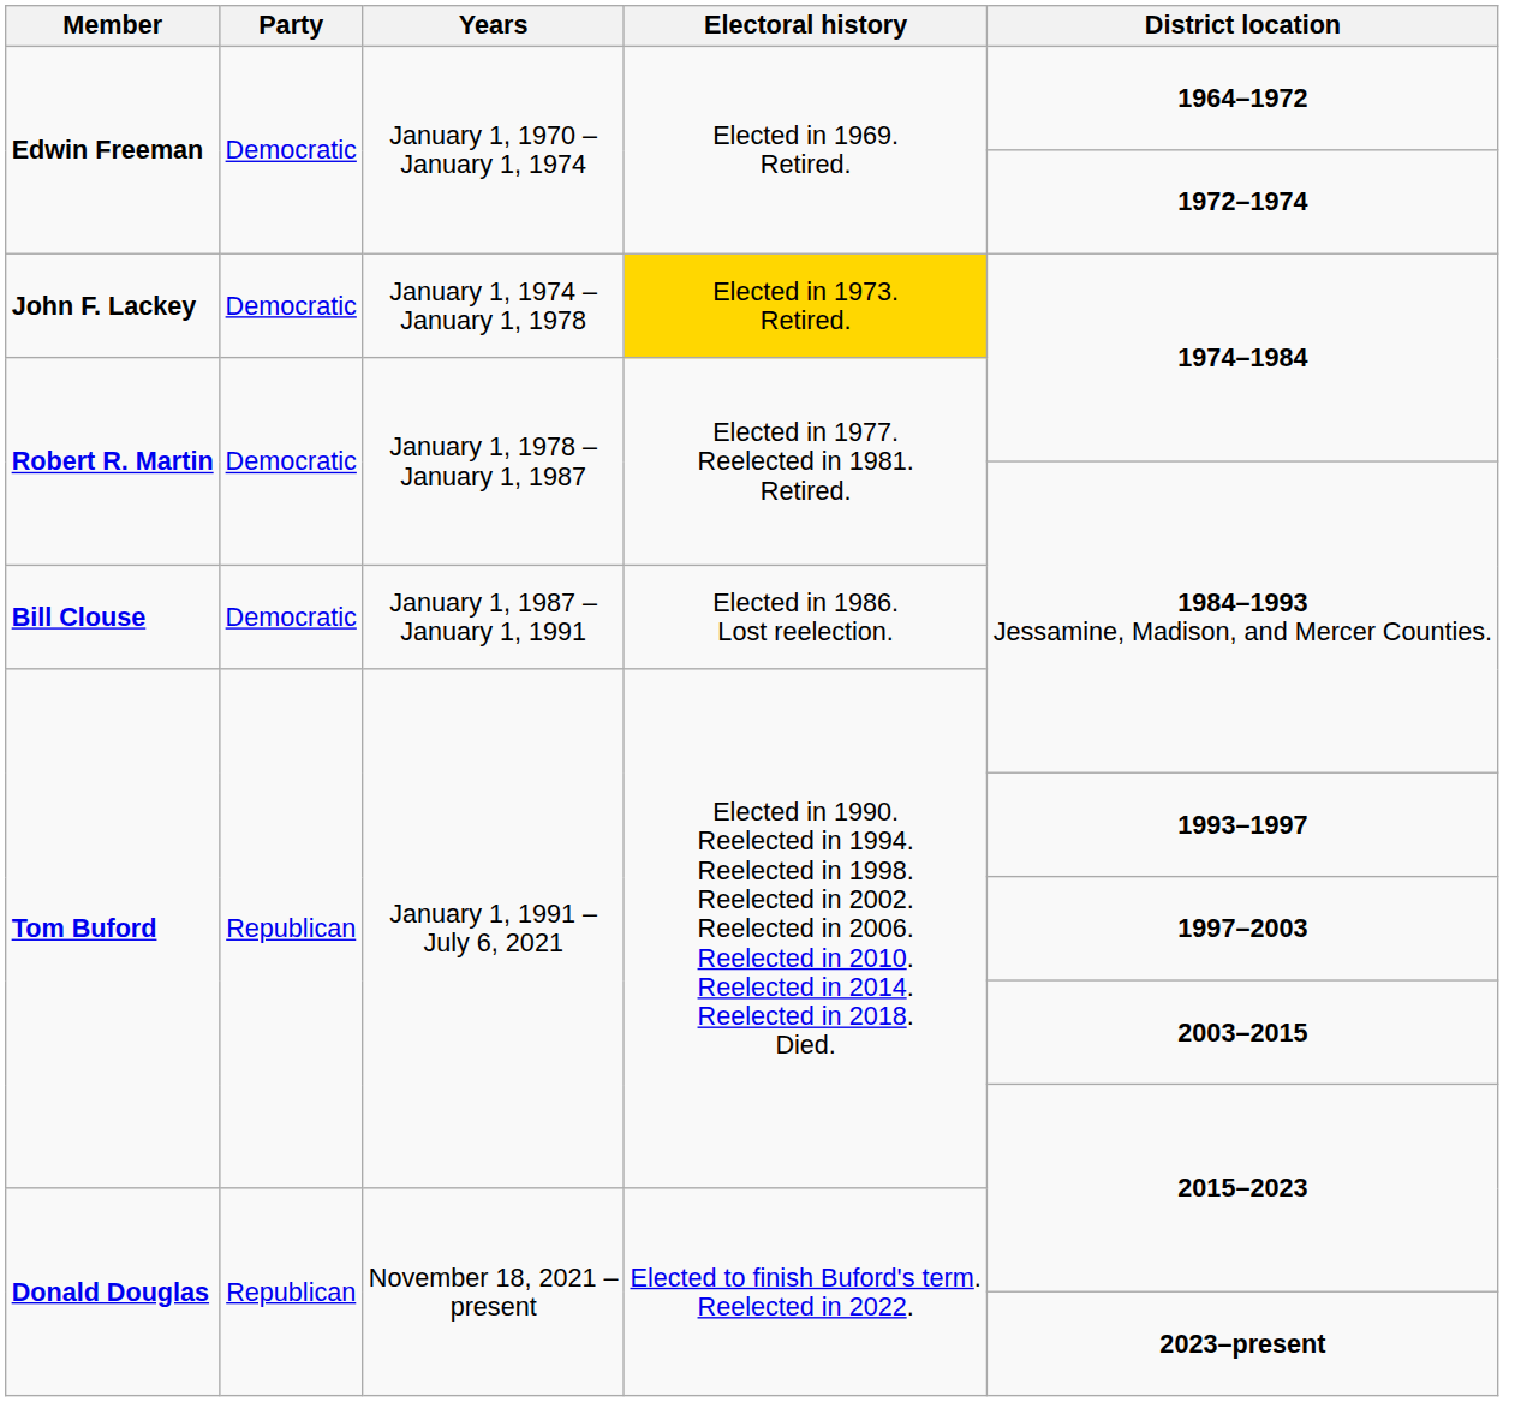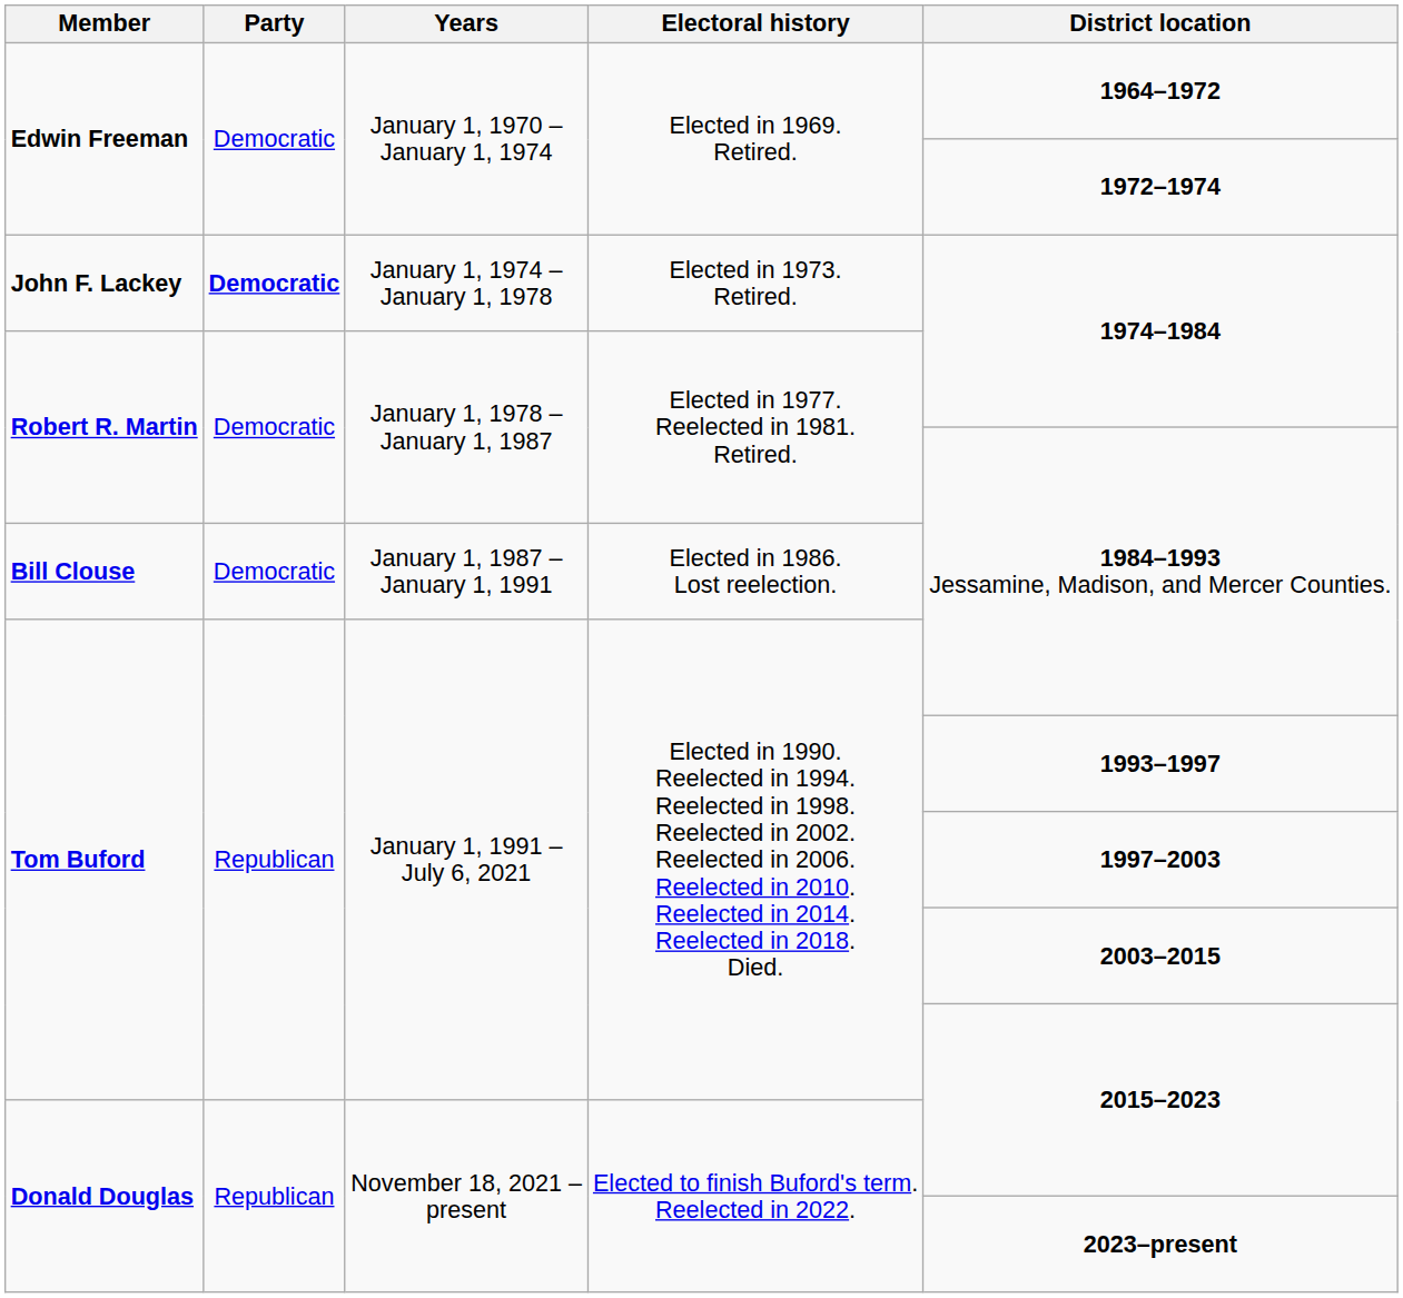 <table class=wikitable style="text-align:center">
 <tr>
 <th>Member</th>
 <th>Party</th>
 <th>Years</th>
 <th>Electoral history</th>
 <th>District location</th>
 </tr>
 <tr style="height:4em">
 <td rowspan=2 align=left><strong>Edwin Freeman</strong><br></td>
 <td rowspan=2 ><a href='#'>Democratic</a></td>
 <td rowspan=2 nowrap>January 1, 1970 –<br>January 1, 1974</td>
 <td rowspan=2>Elected in 1969.<br>Retired.</td>
 <td><strong>1964–1972</strong><br></td>
 </tr>
 <tr style="height:4em">
 <td><strong>1972–1974</strong><br></td>
 </tr>
 <tr style="height:4em">
 <td align=left><strong>John F. Lackey</strong><br></td>
-<td><a href='#'>Democratic</a></td>
+<td><strong><a href='#'>Democratic</a></strong></td>
 <td nowrap>January 1, 1974 –<br>January 1, 1978</td>
-<td style="background: gold;">Elected in 1973.<br>Retired.</td>
+<td>Elected in 1973.<br>Retired.</td>
 <td rowspan=2><strong>1974–1984</strong><br></td>
 </tr>
 <tr style="height:4em">
 <td rowspan=2 align=left><strong><a href='#'>Robert R. Martin</a></strong><br></td>
 <td rowspan=2 ><a href='#'>Democratic</a></td>
 <td rowspan=2 nowrap>January 1, 1978 –<br>January 1, 1987</td>
 <td rowspan=2>Elected in 1977.<br>Reelected in 1981.<br>Retired.</td>
 </tr>
 <tr style="height:4em">
 <td rowspan=3><strong>1984–1993</strong><br>Jessamine, Madison, and Mercer Counties.</td>
 </tr>
 <tr style="height:4em">
 <td align=left><strong><a href='#'>Bill Clouse</a></strong><br></td>
 <td><a href='#'>Democratic</a></td>
 <td nowrap>January 1, 1987 –<br>January 1, 1991</td>
 <td>Elected in 1986.<br>Lost reelection.</td>
 </tr>
 <tr style="height:4em">
 <td rowspan=5 align=left><strong><a href='#'>Tom Buford</a></strong><br></td>
 <td rowspan=5 ><a href='#'>Republican</a></td>
 <td rowspan=5 nowrap>January 1, 1991 –<br>July 6, 2021</td>
 <td rowspan=5>Elected in 1990.<br>Reelected in 1994.<br>Reelected in 1998.<br>Reelected in 2002.<br>Reelected in 2006.<br><a href='#'>Reelected in 2010</a>.<br><a href='#'>Reelected in 2014</a>.<br><a href='#'>Reelected in 2018</a>.<br>Died.</td>
 </tr>
 <tr style="height:4em">
 <td><strong>1993–1997</strong><br></td>
 </tr>
 <tr style="height:4em">
 <td><strong>1997–2003</strong><br></td>
 </tr>
 <tr style="height:4em">
 <td><strong>2003–2015</strong><br></td>
 </tr>
 <tr style="height:4em">
 <td rowspan=2><strong>2015–2023</strong><br></td>
 </tr>
 <tr style="height:4em">
 <td rowspan=2 align=left><strong><a href='#'>Donald Douglas</a></strong><br></td>
 <td rowspan=2 ><a href='#'>Republican</a></td>
 <td rowspan=2 nowrap>November 18, 2021 –<br>present</td>
 <td rowspan=2><a href='#'>Elected to finish Buford's term</a>.<br><a href='#'>Reelected in 2022</a>.</td>
 </tr>
 <tr style="height:4em">
 <td><strong>2023–present</strong><br></td>
 </tr>
 </table>
